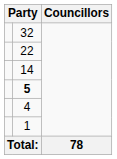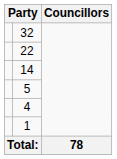 <table class="wikitable">
 <tr>
 <th colspan="2">Party</th>
 <th>Councillors</th>
 </tr>
 <tr>
 <td></td>
 <td align=center>32</td>
 </tr>
 <tr>
 <td></td>
 <td align=center>22</td>
 </tr>
 <tr>
 <td></td>
 <td align=center>14</td>
 </tr>
 <tr>
 <td></td>
-<td align=center><strong>5</strong></td>
+<td align=center>5</td>
 </tr>
 <tr>
 <td></td>
 <td align=center>4</td>
 </tr>
 <tr>
 <td></td>
 <td align=center>1</td>
 </tr>
 <tr>
 <th colspan="2">Total:</th>
 <th>78</th>
 </tr>
 </table>
